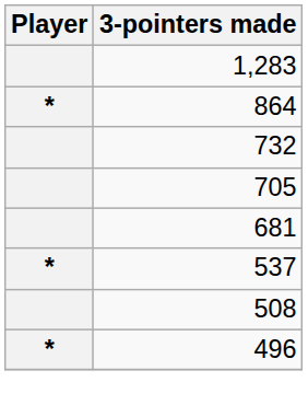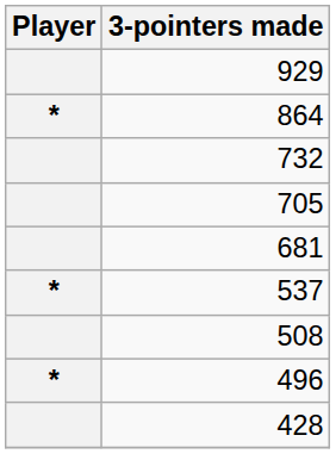 <table class="wikitable sortable">
 <tr>
 <th scope="col">Player</th>
 <th scope="col">3-pointers made</th>
 </tr>
 <tr>
 <th scope="row"></th>
-<td style="text-align:right">1,283</td>
+<td style="text-align:right">929</td>
 </tr>
 <tr>
 <th scope="row">*</th>
 <td style="text-align:right">864</td>
 </tr>
 <tr>
 <th scope="row"><em></em></th>
 <td style="text-align:right">732</td>
 </tr>
 <tr>
 <th scope="row"><em></em></th>
 <td style="text-align:right">705</td>
 </tr>
 <tr>
 <th scope="row"></th>
 <td style="text-align:right">681</td>
 </tr>
 <tr>
 <th scope="row">*</th>
 <td style="text-align:right">537</td>
 </tr>
 <tr>
 <th scope="row"></th>
 <td style="text-align:right">508</td>
 </tr>
 <tr>
 <th scope="row">*</th>
 <td style="text-align:right">496</td>
 </tr>
 <tr>
+<th scope="row"></th>
+<td style="text-align:right">428</td>
+</tr>
+<tr>
 </tr>
 </table>
